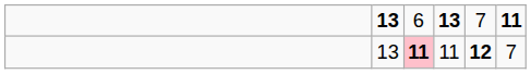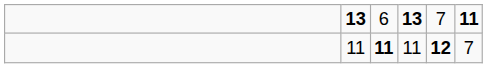 <table class="wikitable">
 <tr>
 <td style="width:18em"></td>
 <td align=center style="width:1em"><strong>13</strong></td>
 <td align=center style="width:1em">6</td>
 <td align=center style="width:1em"><strong>13</strong></td>
 <td align=center style="width:1em">7</td>
 <td align=center style="width:1em"><strong>11</strong></td>
 </tr>
 <tr>
 <td style="width:18em"></td>
-<td align=center style="width:1em">13</td>
-<td align=center style="background: pink; width:1em"><strong>11</strong></td>
+<td align=center style="width:1em">11</td>
+<td align=center style="width:1em"><strong>11</strong></td>
 <td align=center style="width:1em">11</td>
 <td align=center style="width:1em"><strong>12</strong></td>
 <td align=center style="width:1em">7</td>
 </tr>
 </table>
